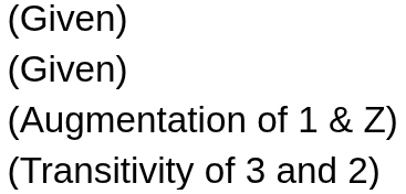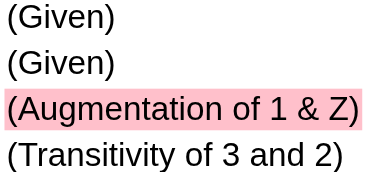 <table>
 <tr>
 <td></td>
 <td>(Given)</td>
 </tr>
 <tr>
 <td></td>
 <td>(Given)</td>
 </tr>
 <tr>
 <td></td>
-<td>(Augmentation of 1 & Z)</td>
+<td style="background: pink;">(Augmentation of 1 & Z)</td>
 </tr>
 <tr>
 <td></td>
 <td>(Transitivity of 3 and 2)</td>
 </tr>
 </table>
